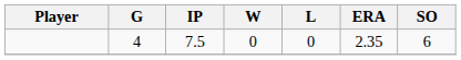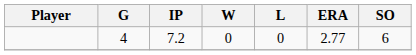 <table class="wikitable sortable">
 <tr>
 <th bgcolor="#DDDDFF" width="16%">Player</th>
 <th bgcolor="#DDDDFF" width="9%">G</th>
 <th bgcolor="#DDDDFF" width="9%">IP</th>
 <th bgcolor="#DDDDFF" width="9%">W</th>
 <th bgcolor="#DDDDFF" width="9%">L</th>
 <th bgcolor="#DDDDFF" width="9%">ERA</th>
 <th bgcolor="#DDDDFF" width="9%">SO</th>
 </tr>
 <tr align="center">
 <td></td>
 <td>4</td>
-<td>7.5</td>
+<td>7.2</td>
 <td>0</td>
 <td>0</td>
-<td>2.35</td>
+<td>2.77</td>
 <td>6</td>
 </tr>
 <tr align="center">
 </tr>
 </table>
